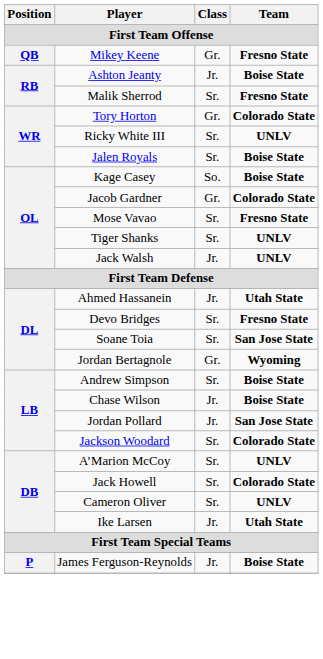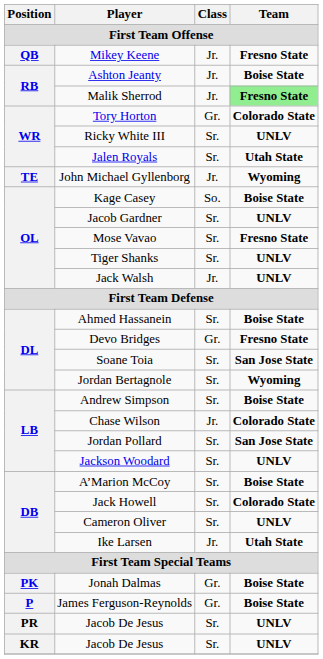 <table class="wikitable">
 <tr>
 <th>Position</th>
 <th>Player</th>
 <th>Class</th>
 <th>Team</th>
 </tr>
 <tr>
 <td colspan="4" style="text-align:center; background:#ddd;"><strong>First Team Offense</strong></td>
 </tr>
 <tr style="text-align:center;">
 <th rowspan="1"><a href='#'>QB</a></th>
 <td><a href='#'>Mikey Keene</a></td>
-<td>Gr.</td>
+<td>Jr.</td>
 <td><strong>Fresno State</strong></td>
 </tr>
 <tr style="text-align:center;">
 <th rowspan="2"><a href='#'>RB</a></th>
 <td><a href='#'>Ashton Jeanty</a></td>
 <td>Jr.</td>
 <td><strong>Boise State</strong></td>
 </tr>
 <tr style="text-align:center;">
 <td>Malik Sherrod</td>
-<td>Sr.</td>
-<td><strong>Fresno State</strong></td>
+<td>Jr.</td>
+<td style="background: lightgreen;"><strong>Fresno State</strong></td>
 </tr>
 <tr style="text-align:center;">
 <th rowspan="3"><a href='#'>WR</a></th>
 <td><a href='#'>Tory Horton</a></td>
 <td>Gr.</td>
 <td><strong>Colorado State</strong></td>
 </tr>
 <tr style="text-align:center;">
 <td>Ricky White III</td>
 <td>Sr.</td>
 <td><strong>UNLV</strong></td>
 </tr>
 <tr style="text-align:center;">
 <td><a href='#'>Jalen Royals</a></td>
 <td>Sr.</td>
-<td><strong>Boise State</strong></td>
+<td><strong>Utah State</strong></td>
+</tr>
+<tr style="text-align:center;">
+<th rowspan="1"><a href='#'>TE</a></th>
+<td>John Michael Gyllenborg</td>
+<td>Jr.</td>
+<td><strong>Wyoming</strong></td>
 </tr>
 <tr style="text-align:center;">
 <th rowspan="5"><a href='#'>OL</a></th>
 <td>Kage Casey</td>
 <td>So.</td>
 <td><strong>Boise State</strong></td>
 </tr>
 <tr style="text-align:center;">
 <td>Jacob Gardner</td>
-<td>Gr.</td>
-<td><strong>Colorado State</strong></td>
+<td>Sr.</td>
+<td><strong>UNLV</strong></td>
 </tr>
 <tr style="text-align:center;">
 <td>Mose Vavao</td>
 <td>Sr.</td>
 <td><strong>Fresno State</strong></td>
 </tr>
 <tr style="text-align:center;">
 <td>Tiger Shanks</td>
 <td>Sr.</td>
 <td><strong>UNLV</strong></td>
 </tr>
 <tr style="text-align:center;">
 <td>Jack Walsh</td>
 <td>Jr.</td>
 <td><strong>UNLV</strong></td>
 </tr>
 <tr style="text-align:center;">
 <td colspan="4" style="text-align:center; background:#ddd;"><strong>First Team Defense</strong></td>
 </tr>
 <tr style="text-align:center;">
 <th rowspan="4"><a href='#'>DL</a></th>
 <td>Ahmed Hassanein</td>
-<td>Jr.</td>
-<td><strong>Utah State</strong></td>
+<td>Sr.</td>
+<td><strong>Boise State</strong></td>
 </tr>
 <tr style="text-align:center;">
 <td>Devo Bridges</td>
-<td>Sr.</td>
+<td>Gr.</td>
 <td><strong>Fresno State</strong></td>
 </tr>
 <tr style="text-align:center;">
 <td>Soane Toia</td>
 <td>Sr.</td>
 <td><strong>San Jose State</strong></td>
 </tr>
 <tr style="text-align:center;">
 <td>Jordan Bertagnole</td>
-<td>Gr.</td>
+<td>Sr.</td>
 <td><strong>Wyoming</strong></td>
 </tr>
 <tr style="text-align:center;">
 <th rowspan="4"><a href='#'>LB</a></th>
 <td>Andrew Simpson</td>
 <td>Sr.</td>
 <td><strong>Boise State</strong></td>
 </tr>
 <tr style="text-align:center;">
 <td>Chase Wilson</td>
 <td>Jr.</td>
-<td><strong>Boise State</strong></td>
+<td><strong>Colorado State</strong></td>
 </tr>
 <tr style="text-align:center;">
 <td>Jordan Pollard</td>
-<td>Jr.</td>
+<td>Sr.</td>
 <td><strong>San Jose State</strong></td>
 </tr>
 <tr style="text-align:center;">
 <td><a href='#'>Jackson Woodard</a></td>
 <td>Sr.</td>
-<td><strong>Colorado State</strong></td>
+<td><strong>UNLV</strong></td>
 </tr>
 <tr style="text-align:center;">
 <th rowspan="4"><a href='#'>DB</a></th>
 <td>A’Marion McCoy</td>
 <td>Sr.</td>
-<td><strong>UNLV</strong></td>
+<td><strong>Boise State</strong></td>
 </tr>
 <tr style="text-align:center;">
 <td>Jack Howell</td>
 <td>Sr.</td>
 <td><strong>Colorado State</strong></td>
 </tr>
 <tr style="text-align:center;">
 <td>Cameron Oliver</td>
 <td>Sr.</td>
 <td><strong>UNLV</strong></td>
 </tr>
 <tr style="text-align:center;">
 <td>Ike Larsen</td>
 <td>Jr.</td>
 <td><strong>Utah State</strong></td>
 </tr>
 <tr>
 <td colspan="4" style="text-align:center; background:#ddd;"><strong>First Team Special Teams</strong></td>
 </tr>
 <tr style="text-align:center;">
+<th rowspan="1"><a href='#'>PK</a></th>
+<td>Jonah Dalmas</td>
+<td>Gr.</td>
+<td><strong>Boise State</strong></td>
+</tr>
+<tr style="text-align:center;">
 <th rowspan="1"><a href='#'>P</a></th>
 <td>James Ferguson-Reynolds</td>
-<td>Jr.</td>
+<td>Gr.</td>
 <td><strong>Boise State</strong></td>
+</tr>
+<tr style="text-align:center;">
+<th rowspan="1">PR</th>
+<td>Jacob De Jesus</td>
+<td>Sr.</td>
+<td><strong>UNLV</strong></td>
+</tr>
+<tr style="text-align:center;">
+<th rowspan="1">KR</th>
+<td>Jacob De Jesus</td>
+<td>Sr.</td>
+<td><strong>UNLV</strong></td>
 </tr>
 <tr>
 </tr>
 </table>
